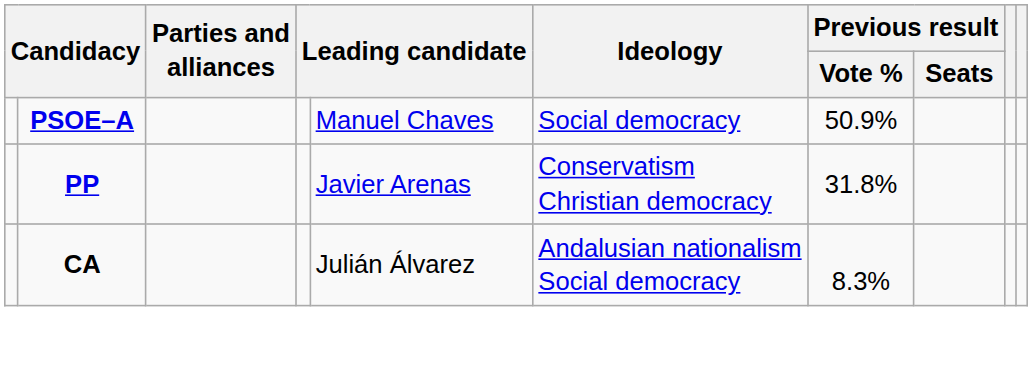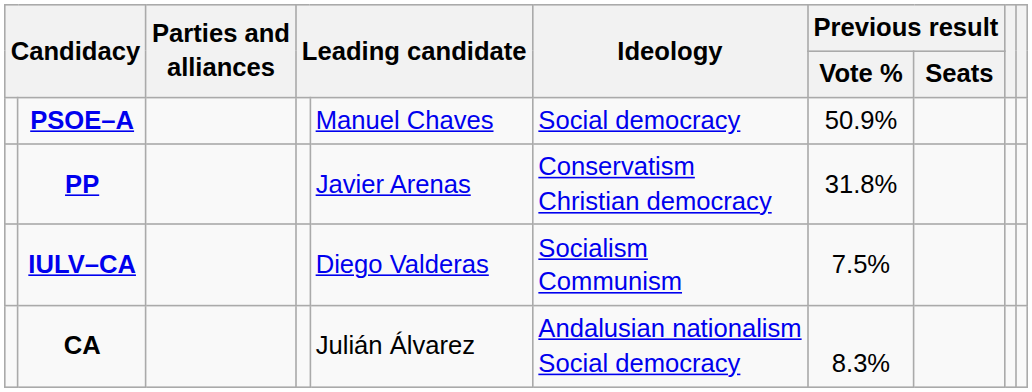 <table class="wikitable" style="line-height:1.35em; text-align:left;">
 <tr>
 <th colspan="2" rowspan="2">Candidacy</th>
 <th rowspan="2">Parties and<br>alliances</th>
 <th colspan="2" rowspan="2">Leading candidate</th>
 <th rowspan="2">Ideology</th>
 <th colspan="2">Previous result</th>
 <th rowspan="2"></th>
 <th rowspan="2"></th>
 </tr>
 <tr>
 <th>Vote %</th>
 <th>Seats</th>
 </tr>
 <tr>
 <td width="1" style="color:inherit;background:"></td>
 <td align="center"><strong><a href='#'>PSOE–A</a></strong></td>
 <td></td>
 <td></td>
 <td><a href='#'>Manuel Chaves</a></td>
 <td><a href='#'>Social democracy</a></td>
 <td align="center">50.9%</td>
 <td></td>
 <td></td>
 <td></td>
 </tr>
 <tr>
 <td style="color:inherit;background:"></td>
 <td align="center"><strong><a href='#'>PP</a></strong></td>
 <td></td>
 <td></td>
 <td><a href='#'>Javier Arenas</a></td>
 <td><a href='#'>Conservatism</a><br><a href='#'>Christian democracy</a></td>
 <td align="center">31.8%</td>
 <td></td>
 <td></td>
 <td></td>
 </tr>
 <tr>
 <td style="color:inherit;background:"></td>
+<td align="center"><strong><a href='#'>IULV–CA</a></strong></td>
+<td></td>
+<td></td>
+<td><a href='#'>Diego Valderas</a></td>
+<td><a href='#'>Socialism</a><br><a href='#'>Communism</a></td>
+<td align="center">7.5%</td>
+<td></td>
+<td></td>
+<td></td>
+</tr>
+<tr>
+<td style="color:inherit;background:"></td>
 <td align="center"><strong>CA</strong></td>
 <td></td>
 <td></td>
 <td>Julián Álvarez</td>
 <td><a href='#'>Andalusian nationalism</a><br><a href='#'>Social democracy</a></td>
 <td align="center"><br>8.3%<br></td>
 <td></td>
 <td></td>
 <td></td>
 </tr>
 </table>
